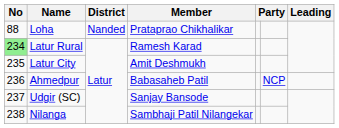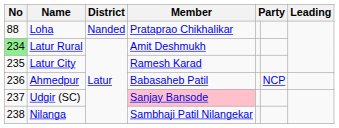 <table class="wikitable">
 <tr>
 <th>No</th>
 <th>Name</th>
 <th>District</th>
 <th>Member</th>
 <th colspan="2">Party</th>
 <th colspan=2>Leading<br></th>
 </tr>
 <tr>
 <td>88</td>
 <td><a href='#'>Loha</a></td>
 <td><a href='#'>Nanded</a></td>
 <td><a href='#'>Prataprao Chikhalikar</a></td>
 <td></td>
 <td></td>
 </tr>
 <tr>
 <td style="background: lightgreen;">234</td>
 <td><a href='#'>Latur Rural</a></td>
 <td rowspan="5"><a href='#'>Latur</a></td>
-<td><a href='#'>Ramesh Karad</a></td>
+<td><a href='#'>Amit Deshmukh</a></td>
 <td></td>
 <td></td>
 </tr>
 <tr>
 <td>235</td>
 <td><a href='#'>Latur City</a></td>
-<td><a href='#'>Amit Deshmukh</a></td>
+<td><a href='#'>Ramesh Karad</a></td>
 <td></td>
 <td></td>
 </tr>
 <tr>
 <td>236</td>
 <td><a href='#'>Ahmedpur</a></td>
 <td><a href='#'>Babasaheb Patil</a></td>
 <td style="background-color: "></td>
 <td><a href='#'>NCP</a></td>
 <td></td>
 </tr>
 <tr>
 <td>237</td>
 <td><a href='#'>Udgir</a> (SC)</td>
-<td><a href='#'>Sanjay Bansode</a></td>
+<td style="background: pink;"><a href='#'>Sanjay Bansode</a></td>
 <td></td>
 <td></td>
 </tr>
 <tr>
 <td>238</td>
 <td><a href='#'>Nilanga</a></td>
 <td><a href='#'>Sambhaji Patil Nilangekar</a></td>
 <td></td>
 <td></td>
 </tr>
 </table>
